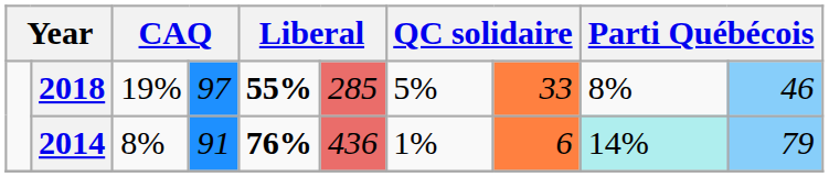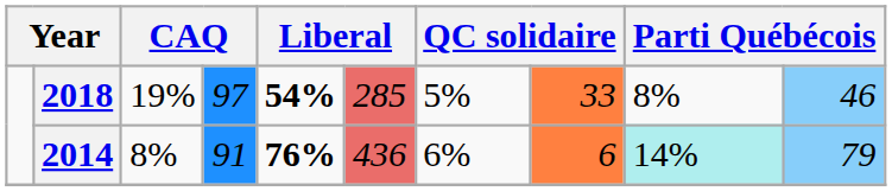 <table class="wikitable" style="float:right; width:400; font-size:90%; margin-left:1em;">
 <tr>
 <th colspan="2" scope="col">Year</th>
 <th colspan="2" scope="col"><a href='#'>CAQ</a></th>
 <th colspan="2" scope="col"><a href='#'>Liberal</a></th>
 <th colspan="2" scope="col"><a href='#'>QC solidaire</a></th>
 <th colspan="2" scope="col"><a href='#'>Parti Québécois</a></th>
 </tr>
 <tr>
 <td rowspan="2" style="width: 0.25em; background-color: "></td>
 <th><a href='#'>2018</a></th>
 <td>19%</td>
 <td style="text-align:right; background:#1E90FF;"><em>97</em></td>
-<td><strong>55%</strong></td>
+<td><strong>54%</strong></td>
 <td style="text-align:right; background:#EA6D6A;"><em>285</em></td>
 <td>5%</td>
 <td style="text-align:right; background:#FF8040;"><em>33</em></td>
 <td>8%</td>
 <td style="text-align:right; background:#87CEFA;"><em>46</em></td>
 </tr>
 <tr>
 <th><a href='#'>2014</a></th>
 <td>8%</td>
 <td style="text-align:right; background:#1E90FF;"><em>91</em></td>
 <td><strong>76%</strong></td>
 <td style="text-align:right; background:#EA6D6A;"><em>436</em></td>
-<td>1%</td>
+<td>6%</td>
 <td style="text-align:right; background:#FF8040;"><em>6</em></td>
 <td style="background: paleturquoise;">14%</td>
 <td style="text-align:right; background:#87CEFA;"><em>79</em></td>
 </tr>
 <tr>
 </tr>
 </table>
